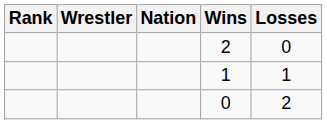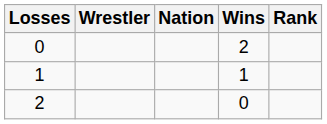 <table class="wikitable sortable" style="text-align:center;">
 <tr>
-<th>Rank</th>
+<th>Losses</th>
 <th>Wrestler</th>
 <th>Nation</th>
 <th>Wins</th>
-<th>Losses</th>
+<th>Rank</th>
 </tr>
 <tr>
-<td></td>
+<td>0</td>
 <td align=left></td>
 <td align=left></td>
 <td>2</td>
-<td>0</td>
+<td></td>
 </tr>
 <tr>
-<td></td>
+<td>1</td>
 <td align=left></td>
 <td align=left></td>
 <td>1</td>
-<td>1</td>
+<td></td>
 </tr>
 <tr>
-<td></td>
+<td>2</td>
 <td align=left></td>
 <td align=left></td>
 <td>0</td>
-<td>2</td>
+<td></td>
 </tr>
 </table>
